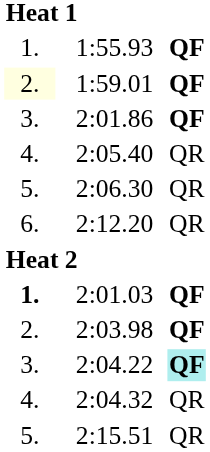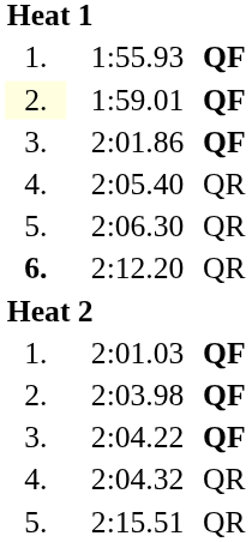 <table style="text-align:center">
 <tr>
 <td colspan=4 align=left><strong>Heat 1</strong></td>
 </tr>
 <tr>
 <td width=30>1.</td>
 <td align=left></td>
 <td width=60>1:55.93</td>
 <td><strong>QF</strong></td>
 </tr>
 <tr>
 <td style="background: lightyellow;">2.</td>
 <td align=left></td>
 <td>1:59.01</td>
 <td><strong>QF</strong></td>
 </tr>
 <tr>
 <td>3.</td>
 <td align=left></td>
 <td>2:01.86</td>
 <td><strong>QF</strong></td>
 </tr>
 <tr>
 <td>4.</td>
 <td align=left></td>
 <td>2:05.40</td>
 <td>QR</td>
 </tr>
 <tr>
 <td>5.</td>
 <td align=left></td>
 <td>2:06.30</td>
 <td>QR</td>
 </tr>
 <tr>
-<td>6.</td>
+<td><strong>6.</strong></td>
 <td align=left></td>
 <td>2:12.20</td>
 <td>QR</td>
 </tr>
 <tr>
 <td colspan=4 align=left><strong>Heat 2</strong></td>
 </tr>
 <tr>
-<td><strong>1.</strong></td>
+<td>1.</td>
 <td align=left></td>
 <td>2:01.03</td>
 <td><strong>QF</strong></td>
 </tr>
 <tr>
 <td>2.</td>
 <td align=left></td>
 <td>2:03.98</td>
 <td><strong>QF</strong></td>
 </tr>
 <tr>
 <td>3.</td>
 <td align=left></td>
 <td>2:04.22</td>
-<td style="background: paleturquoise;"><strong>QF</strong></td>
+<td><strong>QF</strong></td>
 </tr>
 <tr>
 <td>4.</td>
 <td align=left></td>
 <td>2:04.32</td>
 <td>QR</td>
 </tr>
 <tr>
 <td>5.</td>
 <td align=left></td>
 <td>2:15.51</td>
 <td>QR</td>
 </tr>
 </table>
